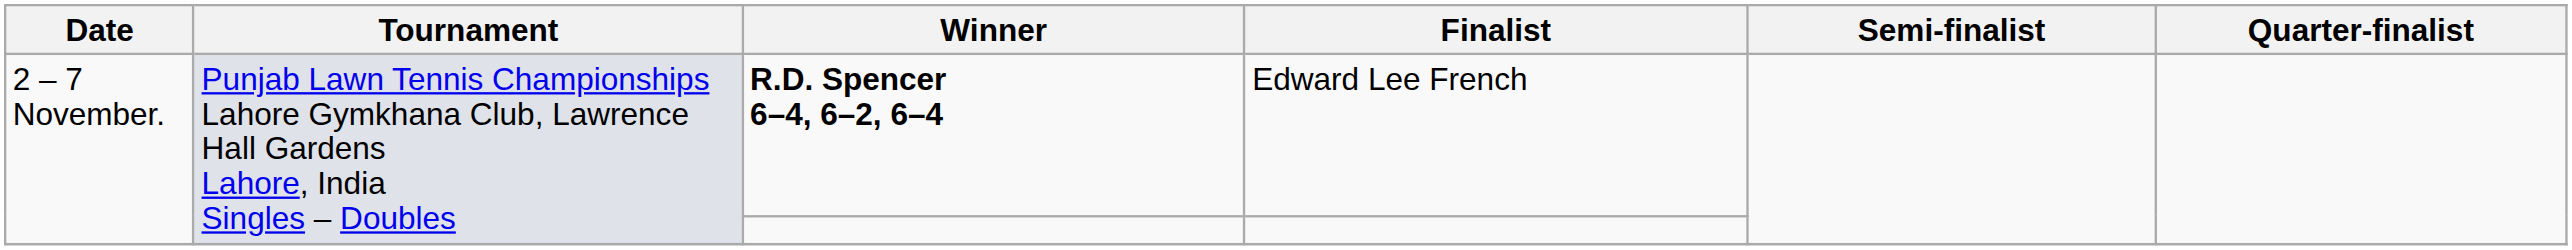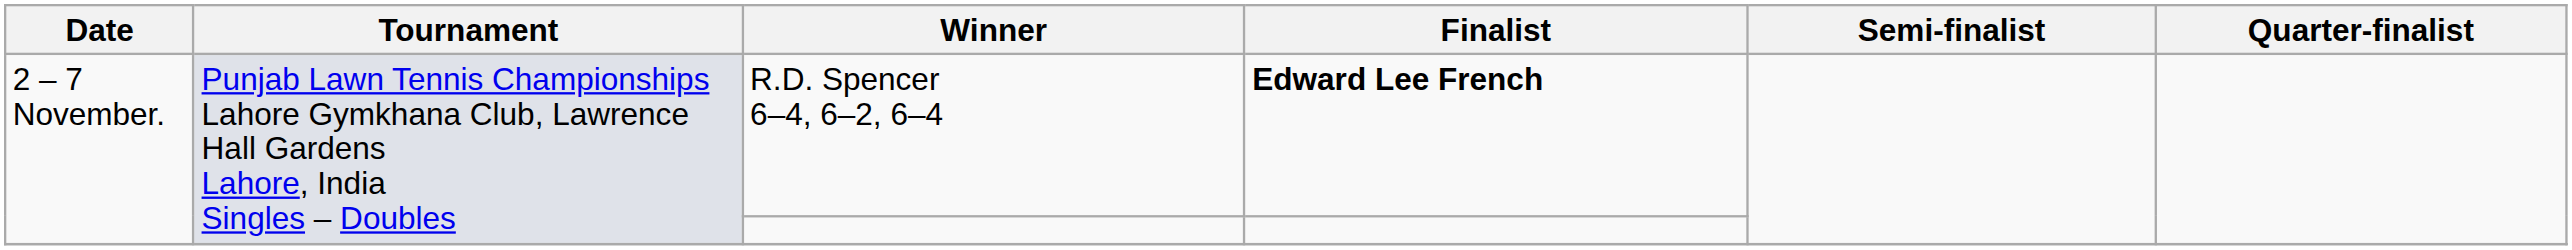 <table class="wikitable" style="font-size:85%;">
 <tr>
 <th width="75">Date</th>
 <th width="230">Tournament</th>
 <th width="210">Winner</th>
 <th width="210">Finalist</th>
 <th width="170">Semi-finalist</th>
 <th width="170">Quarter-finalist</th>
 </tr>
 <tr valign=top>
 <td rowspan=2>2 – 7 November.</td>
 <td style="background:#dfe2e9" rowspan=2><a href='#'>Punjab Lawn Tennis Championships</a><br>Lahore Gymkhana Club, Lawrence Hall Gardens<br> <a href='#'>Lahore</a>, India<br><a href='#'>Singles</a> – <a href='#'>Doubles</a></td>
-<td><strong> R.D. Spencer<br>6–4, 6–2, 6–4</strong></td>
-<td> Edward Lee French</td>
+<td> R.D. Spencer<br>6–4, 6–2, 6–4</td>
+<td><strong> Edward Lee French</strong></td>
 <td rowspan=2></td>
 <td rowspan=2></td>
 </tr>
 <tr valign=top>
 <td></td>
 <td></td>
 </tr>
 <tr valign=top>
 </tr>
 </table>
